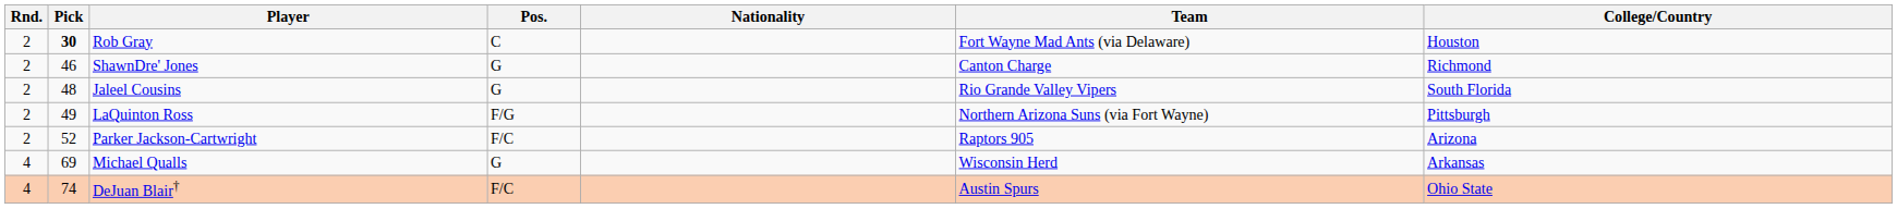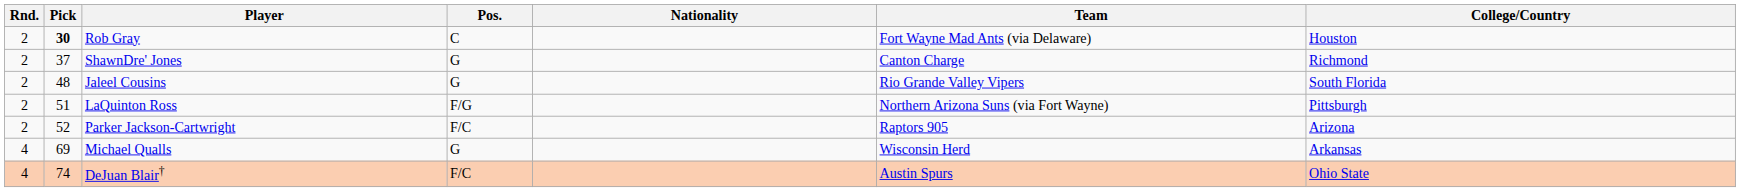 <table class="wikitable sortable">
 <tr>
 <th width="1%">Rnd.</th>
 <th width="1%">Pick</th>
 <th width="17%">Player</th>
 <th width="4%">Pos.</th>
 <th width="16%">Nationality</th>
 <th width="20%" class="unsortable">Team</th>
 <th width="20%">College/Country</th>
 </tr>
 <tr>
 <td align="center">2</td>
 <td align="center"><strong>30</strong></td>
 <td><a href='#'>Rob Gray</a></td>
 <td>C</td>
 <td></td>
 <td><a href='#'>Fort Wayne Mad Ants</a> (via Delaware)</td>
 <td><a href='#'>Houston</a></td>
 </tr>
 <tr>
 <td align="center">2</td>
-<td align="center">46</td>
+<td align="center">37</td>
 <td><a href='#'>ShawnDre' Jones</a></td>
 <td>G</td>
 <td></td>
 <td><a href='#'>Canton Charge</a></td>
 <td><a href='#'>Richmond</a></td>
 </tr>
 <tr>
 <td align="center">2</td>
 <td align="center">48</td>
 <td><a href='#'>Jaleel Cousins</a></td>
 <td>G</td>
 <td></td>
 <td><a href='#'>Rio Grande Valley Vipers</a></td>
 <td><a href='#'>South Florida</a></td>
 </tr>
 <tr>
 <td align="center">2</td>
-<td align="center">49</td>
+<td align="center">51</td>
 <td><a href='#'>LaQuinton Ross</a></td>
 <td>F/G</td>
 <td></td>
 <td><a href='#'>Northern Arizona Suns</a> (via Fort Wayne)</td>
 <td><a href='#'>Pittsburgh</a></td>
 </tr>
 <tr>
 <td align="center">2</td>
 <td align="center">52</td>
 <td><a href='#'>Parker Jackson-Cartwright</a></td>
 <td>F/C</td>
 <td></td>
 <td><a href='#'>Raptors 905</a></td>
 <td><a href='#'>Arizona</a></td>
 </tr>
 <tr>
 <td align="center">4</td>
 <td align="center">69</td>
 <td><a href='#'>Michael Qualls</a></td>
 <td>G</td>
 <td></td>
 <td><a href='#'>Wisconsin Herd</a></td>
 <td><a href='#'>Arkansas</a></td>
 </tr>
 <tr style="background-color:#FBCEB1; |">
 <td align="center">4</td>
 <td align="center">74</td>
 <td><a href='#'>DeJuan Blair</a><sup>†</sup></td>
 <td>F/C</td>
 <td></td>
 <td><a href='#'>Austin Spurs</a></td>
 <td><a href='#'>Ohio State</a></td>
 </tr>
 </table>
